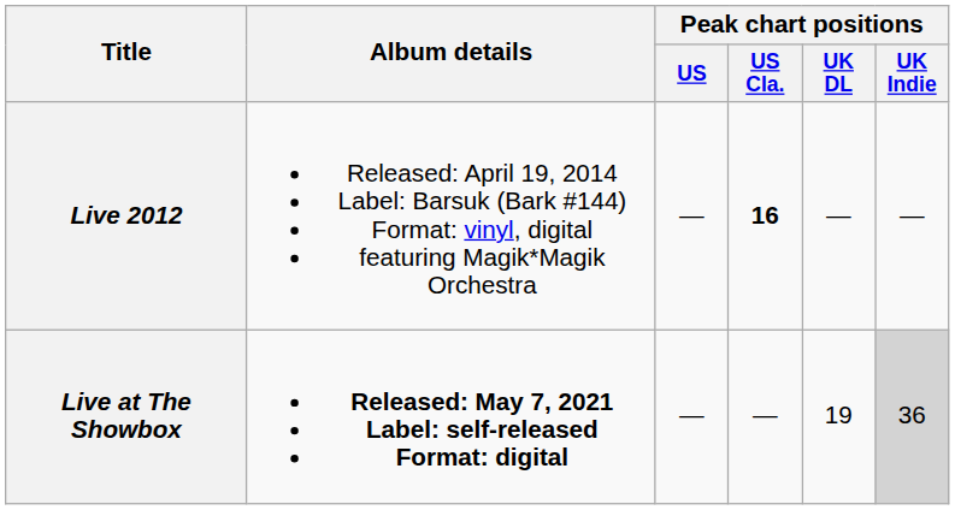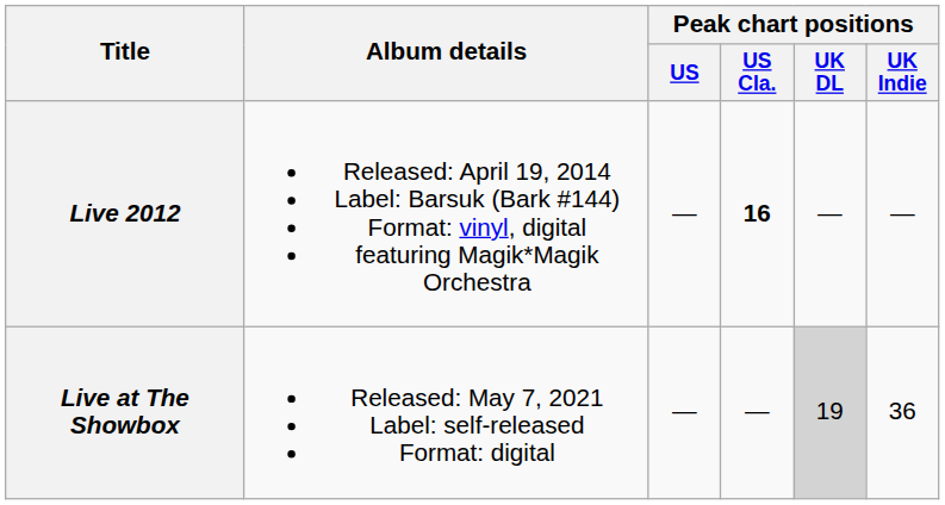 <table class="wikitable plainrowheaders" style="text-align:center;">
 <tr>
 <th scope="col" ! rowspan="2">Title</th>
 <th scope="col" ! rowspan="2">Album details</th>
 <th scope="col" ! colspan="4">Peak chart positions</th>
 </tr>
 <tr>
 <th style="width:3em;font-size:85%;"><a href='#'>US</a><br></th>
 <th style="width:3em;font-size:85%;"><a href='#'>US<br>Cla.</a><br></th>
 <th style="width:3em;font-size:85%;"><a href='#'>UK<br>DL</a><br></th>
 <th style="width:3em;font-size:85%;"><a href='#'>UK<br>Indie</a><br></th>
 </tr>
 <tr>
 <th scope="row"><em>Live 2012</em></th>
 <td><br><ul><li>Released: April 19, 2014</li><li>Label: Barsuk (Bark #144)</li><li>Format: <a href='#'>vinyl</a>, digital</li><li>featuring Magik*Magik Orchestra</li></ul></td>
 <td>—</td>
 <td><strong>16</strong></td>
 <td>—</td>
 <td>—</td>
 </tr>
 <tr>
 <th scope="row"><em>Live at The Showbox</em></th>
-<td><strong><br><ul><li>Released: May 7, 2021</li><li>Label: self-released</li><li>Format: digital</li></ul></strong></td>
+<td><br><ul><li>Released: May 7, 2021</li><li>Label: self-released</li><li>Format: digital</li></ul></td>
 <td>—</td>
 <td>—</td>
-<td>19</td>
-<td style="background: lightgrey;">36</td>
+<td style="background: lightgrey;">19</td>
+<td>36</td>
 </tr>
 </table>
